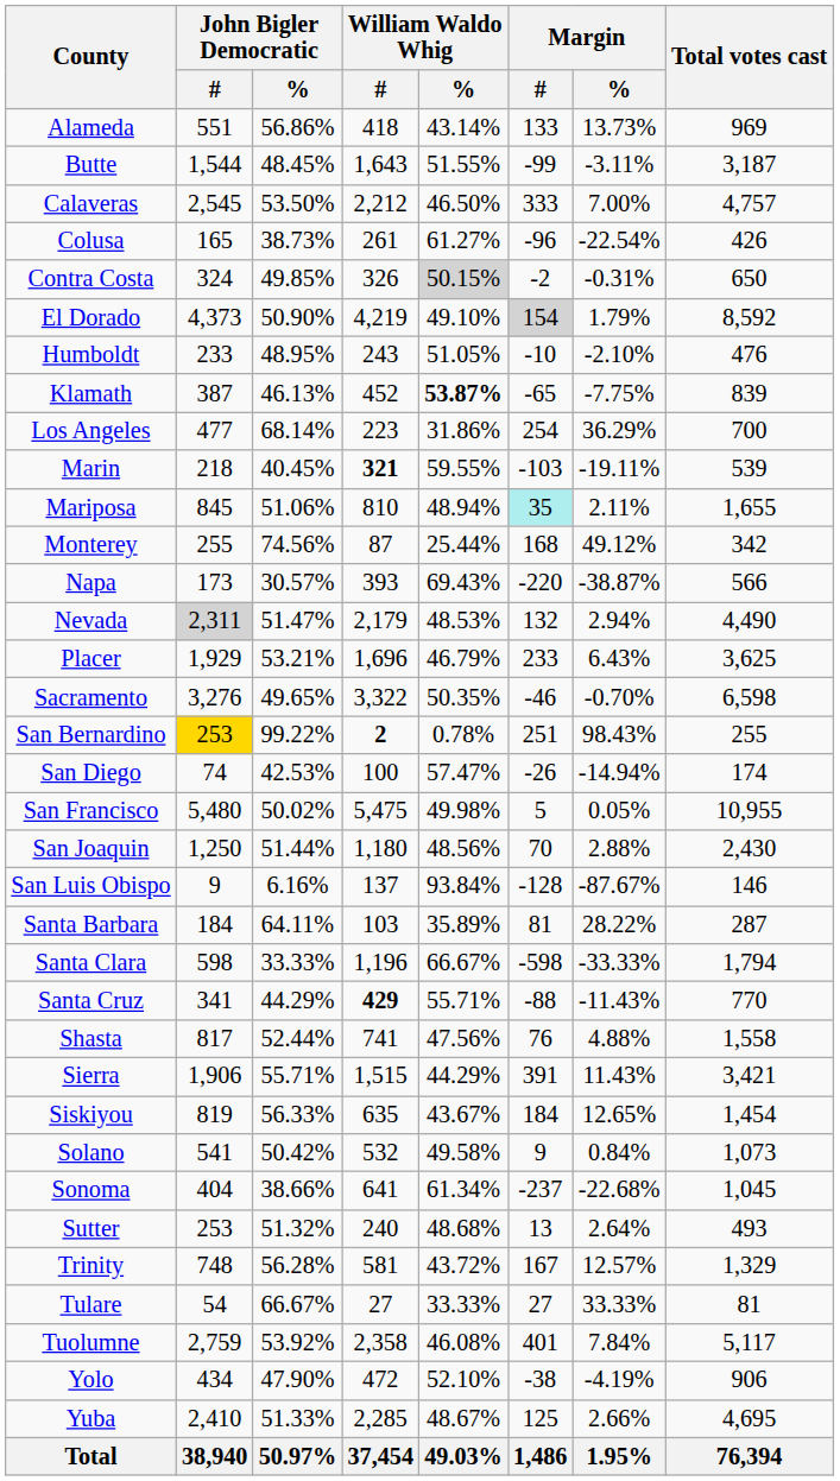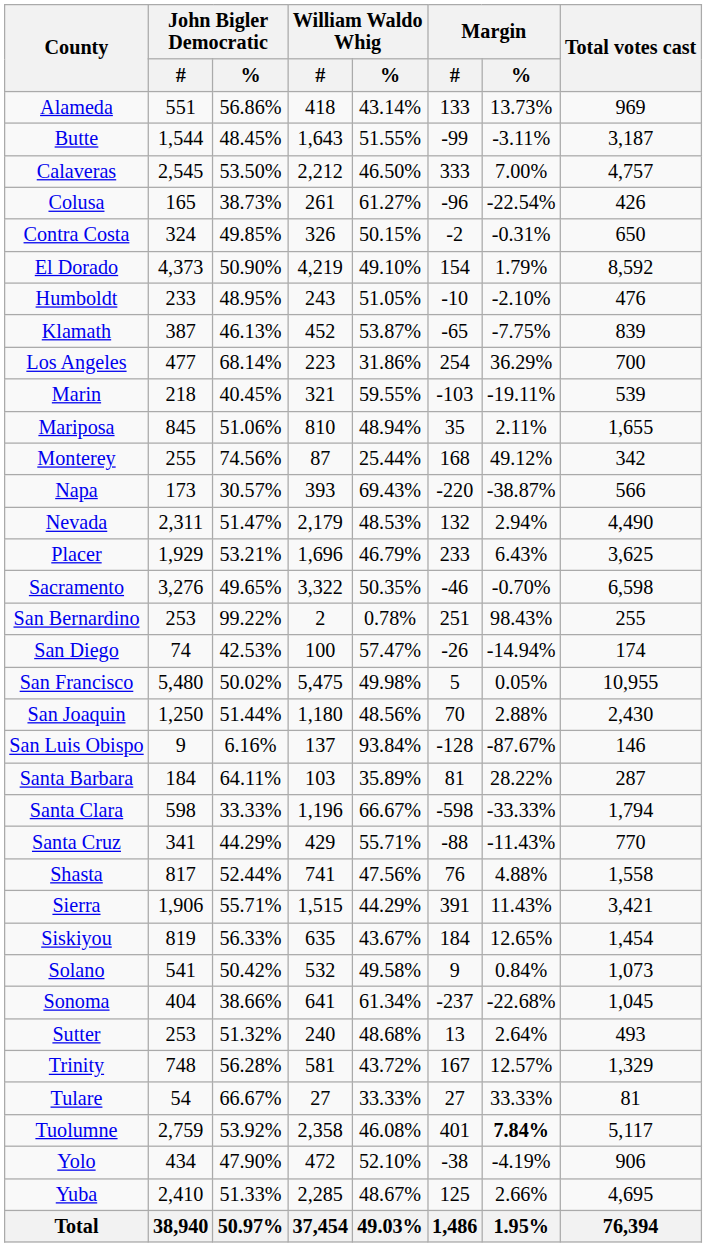 <table class="wikitable sortable" style="text-align:center">
 <tr>
 <th rowspan="2">County</th>
 <th style="text-align:center;" colspan="2">John Bigler<br>Democratic</th>
 <th style="text-align:center;" colspan="2">William Waldo<br>Whig</th>
 <th style="text-align:center;" colspan="2">Margin</th>
 <th style="text-align:center;" rowspan="2">Total votes cast</th>
 </tr>
 <tr>
 <th style="text-align:center;" data-sort-type="number">#</th>
 <th style="text-align:center;" data-sort-type="number">%</th>
 <th style="text-align:center;" data-sort-type="number">#</th>
 <th style="text-align:center;" data-sort-type="number">%</th>
 <th style="text-align:center;" data-sort-type="number">#</th>
 <th style="text-align:center;" data-sort-type="number">%</th>
 </tr>
 <tr style="text-align:center;">
 <td><a href='#'>Alameda</a></td>
 <td>551</td>
 <td>56.86%</td>
 <td>418</td>
 <td>43.14%</td>
 <td>133</td>
 <td>13.73%</td>
 <td>969</td>
 </tr>
 <tr style="text-align:center;">
 <td><a href='#'>Butte</a></td>
 <td>1,544</td>
 <td>48.45%</td>
 <td>1,643</td>
 <td>51.55%</td>
 <td>-99</td>
 <td>-3.11%</td>
 <td>3,187</td>
 </tr>
 <tr style="text-align:center;">
 <td><a href='#'>Calaveras</a></td>
 <td>2,545</td>
 <td>53.50%</td>
 <td>2,212</td>
 <td>46.50%</td>
 <td>333</td>
 <td>7.00%</td>
 <td>4,757</td>
 </tr>
 <tr style="text-align:center;">
 <td><a href='#'>Colusa</a></td>
 <td>165</td>
 <td>38.73%</td>
 <td>261</td>
 <td>61.27%</td>
 <td>-96</td>
 <td>-22.54%</td>
 <td>426</td>
 </tr>
 <tr style="text-align:center;">
 <td><a href='#'>Contra Costa</a></td>
 <td>324</td>
 <td>49.85%</td>
 <td>326</td>
-<td style="background: lightgrey;">50.15%</td>
+<td>50.15%</td>
 <td>-2</td>
 <td>-0.31%</td>
 <td>650</td>
 </tr>
 <tr style="text-align:center;">
 <td><a href='#'>El Dorado</a></td>
 <td>4,373</td>
 <td>50.90%</td>
 <td>4,219</td>
 <td>49.10%</td>
-<td style="background: lightgrey;">154</td>
+<td>154</td>
 <td>1.79%</td>
 <td>8,592</td>
 </tr>
 <tr style="text-align:center;">
 <td><a href='#'>Humboldt</a></td>
 <td>233</td>
 <td>48.95%</td>
 <td>243</td>
 <td>51.05%</td>
 <td>-10</td>
 <td>-2.10%</td>
 <td>476</td>
 </tr>
 <tr style="text-align:center;">
 <td><a href='#'>Klamath</a></td>
 <td>387</td>
 <td>46.13%</td>
 <td>452</td>
-<td><strong>53.87%</strong></td>
+<td>53.87%</td>
 <td>-65</td>
 <td>-7.75%</td>
 <td>839</td>
 </tr>
 <tr style="text-align:center;">
 <td><a href='#'>Los Angeles</a></td>
 <td>477</td>
 <td>68.14%</td>
 <td>223</td>
 <td>31.86%</td>
 <td>254</td>
 <td>36.29%</td>
 <td>700</td>
 </tr>
 <tr style="text-align:center;">
 <td><a href='#'>Marin</a></td>
 <td>218</td>
 <td>40.45%</td>
-<td><strong>321</strong></td>
+<td>321</td>
 <td>59.55%</td>
 <td>-103</td>
 <td>-19.11%</td>
 <td>539</td>
 </tr>
 <tr style="text-align:center;">
 <td><a href='#'>Mariposa</a></td>
 <td>845</td>
 <td>51.06%</td>
 <td>810</td>
 <td>48.94%</td>
-<td style="background: paleturquoise;">35</td>
+<td>35</td>
 <td>2.11%</td>
 <td>1,655</td>
 </tr>
 <tr style="text-align:center;">
 <td><a href='#'>Monterey</a></td>
 <td>255</td>
 <td>74.56%</td>
 <td>87</td>
 <td>25.44%</td>
 <td>168</td>
 <td>49.12%</td>
 <td>342</td>
 </tr>
 <tr style="text-align:center;">
 <td><a href='#'>Napa</a></td>
 <td>173</td>
 <td>30.57%</td>
 <td>393</td>
 <td>69.43%</td>
 <td>-220</td>
 <td>-38.87%</td>
 <td>566</td>
 </tr>
 <tr style="text-align:center;">
 <td><a href='#'>Nevada</a></td>
-<td style="background: lightgrey;">2,311</td>
+<td>2,311</td>
 <td>51.47%</td>
 <td>2,179</td>
 <td>48.53%</td>
 <td>132</td>
 <td>2.94%</td>
 <td>4,490</td>
 </tr>
 <tr style="text-align:center;">
 <td><a href='#'>Placer</a></td>
 <td>1,929</td>
 <td>53.21%</td>
 <td>1,696</td>
 <td>46.79%</td>
 <td>233</td>
 <td>6.43%</td>
 <td>3,625</td>
 </tr>
 <tr style="text-align:center;">
 <td><a href='#'>Sacramento</a></td>
 <td>3,276</td>
 <td>49.65%</td>
 <td>3,322</td>
 <td>50.35%</td>
 <td>-46</td>
 <td>-0.70%</td>
 <td>6,598</td>
 </tr>
 <tr style="text-align:center;">
 <td><a href='#'>San Bernardino</a></td>
-<td style="background: gold;">253</td>
+<td>253</td>
 <td>99.22%</td>
-<td><strong>2</strong></td>
+<td>2</td>
 <td>0.78%</td>
 <td>251</td>
 <td>98.43%</td>
 <td>255</td>
 </tr>
 <tr style="text-align:center;">
 <td><a href='#'>San Diego</a></td>
 <td>74</td>
 <td>42.53%</td>
 <td>100</td>
 <td>57.47%</td>
 <td>-26</td>
 <td>-14.94%</td>
 <td>174</td>
 </tr>
 <tr style="text-align:center;">
 <td><a href='#'>San Francisco</a></td>
 <td>5,480</td>
 <td>50.02%</td>
 <td>5,475</td>
 <td>49.98%</td>
 <td>5</td>
 <td>0.05%</td>
 <td>10,955</td>
 </tr>
 <tr style="text-align:center;">
 <td><a href='#'>San Joaquin</a></td>
 <td>1,250</td>
 <td>51.44%</td>
 <td>1,180</td>
 <td>48.56%</td>
 <td>70</td>
 <td>2.88%</td>
 <td>2,430</td>
 </tr>
 <tr style="text-align:center;">
 <td><a href='#'>San Luis Obispo</a></td>
 <td>9</td>
 <td>6.16%</td>
 <td>137</td>
 <td>93.84%</td>
 <td>-128</td>
 <td>-87.67%</td>
 <td>146</td>
 </tr>
 <tr style="text-align:center;">
 <td><a href='#'>Santa Barbara</a></td>
 <td>184</td>
 <td>64.11%</td>
 <td>103</td>
 <td>35.89%</td>
 <td>81</td>
 <td>28.22%</td>
 <td>287</td>
 </tr>
 <tr style="text-align:center;">
 <td><a href='#'>Santa Clara</a></td>
 <td>598</td>
 <td>33.33%</td>
 <td>1,196</td>
 <td>66.67%</td>
 <td>-598</td>
 <td>-33.33%</td>
 <td>1,794</td>
 </tr>
 <tr style="text-align:center;">
 <td><a href='#'>Santa Cruz</a></td>
 <td>341</td>
 <td>44.29%</td>
-<td><strong>429</strong></td>
+<td>429</td>
 <td>55.71%</td>
 <td>-88</td>
 <td>-11.43%</td>
 <td>770</td>
 </tr>
 <tr style="text-align:center;">
 <td><a href='#'>Shasta</a></td>
 <td>817</td>
 <td>52.44%</td>
 <td>741</td>
 <td>47.56%</td>
 <td>76</td>
 <td>4.88%</td>
 <td>1,558</td>
 </tr>
 <tr style="text-align:center;">
 <td><a href='#'>Sierra</a></td>
 <td>1,906</td>
 <td>55.71%</td>
 <td>1,515</td>
 <td>44.29%</td>
 <td>391</td>
 <td>11.43%</td>
 <td>3,421</td>
 </tr>
 <tr style="text-align:center;">
 <td><a href='#'>Siskiyou</a></td>
 <td>819</td>
 <td>56.33%</td>
 <td>635</td>
 <td>43.67%</td>
 <td>184</td>
 <td>12.65%</td>
 <td>1,454</td>
 </tr>
 <tr style="text-align:center;">
 <td><a href='#'>Solano</a></td>
 <td>541</td>
 <td>50.42%</td>
 <td>532</td>
 <td>49.58%</td>
 <td>9</td>
 <td>0.84%</td>
 <td>1,073</td>
 </tr>
 <tr style="text-align:center;">
 <td><a href='#'>Sonoma</a></td>
 <td>404</td>
 <td>38.66%</td>
 <td>641</td>
 <td>61.34%</td>
 <td>-237</td>
 <td>-22.68%</td>
 <td>1,045</td>
 </tr>
 <tr style="text-align:center;">
 <td><a href='#'>Sutter</a></td>
 <td>253</td>
 <td>51.32%</td>
 <td>240</td>
 <td>48.68%</td>
 <td>13</td>
 <td>2.64%</td>
 <td>493</td>
 </tr>
 <tr style="text-align:center;">
 <td><a href='#'>Trinity</a></td>
 <td>748</td>
 <td>56.28%</td>
 <td>581</td>
 <td>43.72%</td>
 <td>167</td>
 <td>12.57%</td>
 <td>1,329</td>
 </tr>
 <tr style="text-align:center;">
 <td><a href='#'>Tulare</a></td>
 <td>54</td>
 <td>66.67%</td>
 <td>27</td>
 <td>33.33%</td>
 <td>27</td>
 <td>33.33%</td>
 <td>81</td>
 </tr>
 <tr style="text-align:center;">
 <td><a href='#'>Tuolumne</a></td>
 <td>2,759</td>
 <td>53.92%</td>
 <td>2,358</td>
 <td>46.08%</td>
 <td>401</td>
-<td>7.84%</td>
+<td><strong>7.84%</strong></td>
 <td>5,117</td>
 </tr>
 <tr style="text-align:center;">
 <td><a href='#'>Yolo</a></td>
 <td>434</td>
 <td>47.90%</td>
 <td>472</td>
 <td>52.10%</td>
 <td>-38</td>
 <td>-4.19%</td>
 <td>906</td>
 </tr>
 <tr style="text-align:center;">
 <td><a href='#'>Yuba</a></td>
 <td>2,410</td>
 <td>51.33%</td>
 <td>2,285</td>
 <td>48.67%</td>
 <td>125</td>
 <td>2.66%</td>
 <td>4,695</td>
 </tr>
 <tr style="text-align:center;">
 <th>Total</th>
 <th>38,940</th>
 <th>50.97%</th>
 <th>37,454</th>
 <th>49.03%</th>
 <th>1,486</th>
 <th>1.95%</th>
 <th>76,394</th>
 </tr>
 </table>
